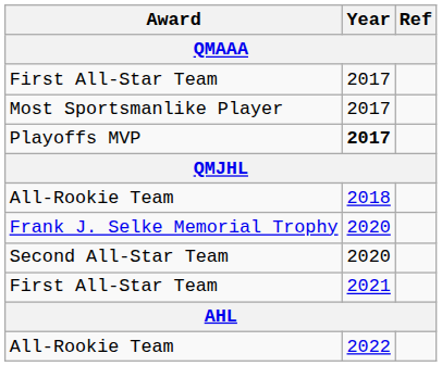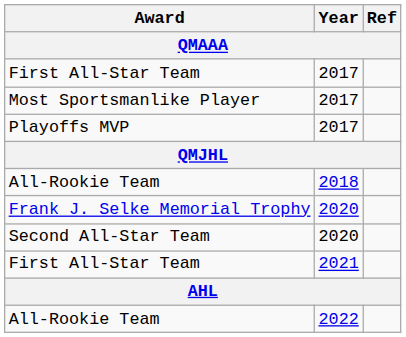 <table class="wikitable">
 <tr>
 <th>Award</th>
 <th>Year</th>
 <th>Ref</th>
 </tr>
 <tr>
 <th colspan="3"><a href='#'>QMAAA</a></th>
 </tr>
 <tr>
 <td>First All-Star Team</td>
 <td>2017</td>
 <td></td>
 </tr>
 <tr>
 <td>Most Sportsmanlike Player</td>
 <td>2017</td>
 <td></td>
 </tr>
 <tr>
 <td>Playoffs MVP</td>
-<td><strong>2017</strong></td>
+<td>2017</td>
 <td></td>
 </tr>
 <tr>
 <th colspan="3"><a href='#'>QMJHL</a></th>
 </tr>
 <tr>
 <td>All-Rookie Team</td>
 <td><a href='#'>2018</a></td>
 <td></td>
 </tr>
 <tr>
 <td><a href='#'>Frank J. Selke Memorial Trophy</a></td>
 <td><a href='#'>2020</a></td>
 <td></td>
 </tr>
 <tr>
 <td>Second All-Star Team</td>
 <td>2020</td>
 <td></td>
 </tr>
 <tr>
 <td>First All-Star Team</td>
 <td><a href='#'>2021</a></td>
 <td></td>
 </tr>
 <tr>
 <th colspan="3"><a href='#'>AHL</a></th>
 </tr>
 <tr>
 <td>All-Rookie Team</td>
 <td><a href='#'>2022</a></td>
 <td></td>
 </tr>
 </table>
